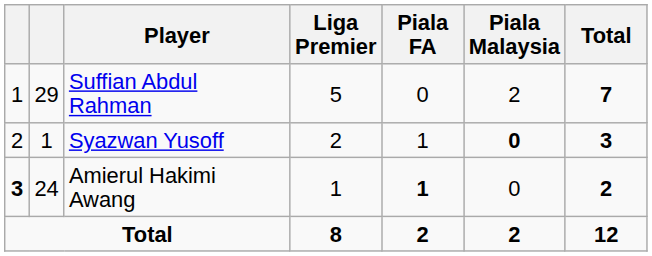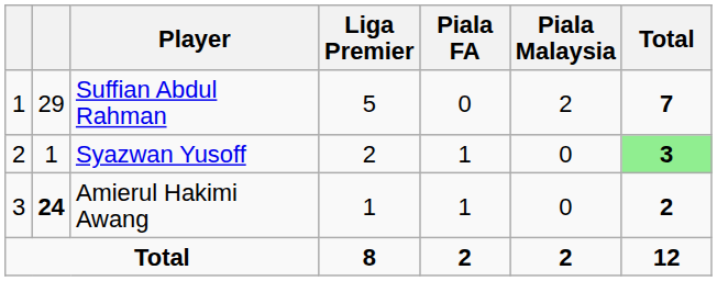 <table class="wikitable sortable" style="font-size: 95%; text-align: center;">
 <tr>
 <th width=10></th>
 <th width=10></th>
 <th width=150>Player</th>
 <th width=50>Liga Premier</th>
 <th width=50>Piala FA</th>
 <th width=50>Piala Malaysia</th>
 <th width=50>Total</th>
 </tr>
 <tr>
 <td>1</td>
 <td>29</td>
 <td align=left> <a href='#'>Suffian Abdul Rahman</a></td>
 <td>5</td>
 <td>0</td>
 <td>2</td>
 <td><strong>7</strong></td>
 </tr>
 <tr>
 <td>2</td>
 <td>1</td>
 <td align=left> <a href='#'>Syazwan Yusoff</a></td>
 <td>2</td>
 <td>1</td>
-<td><strong>0</strong></td>
-<td><strong>3</strong></td>
+<td>0</td>
+<td style="background: lightgreen;"><strong>3</strong></td>
 </tr>
 <tr>
-<td><strong>3</strong></td>
-<td>24</td>
+<td>3</td>
+<td><strong>24</strong></td>
 <td align=left> Amierul Hakimi Awang</td>
 <td>1</td>
-<td><strong>1</strong></td>
+<td>1</td>
 <td>0</td>
 <td><strong>2</strong></td>
 </tr>
 <tr>
 <td colspan="3"><strong>Total</strong></td>
 <td><strong>8</strong></td>
 <td><strong>2</strong></td>
 <td><strong>2</strong></td>
 <td><strong>12</strong></td>
 </tr>
 </table>
